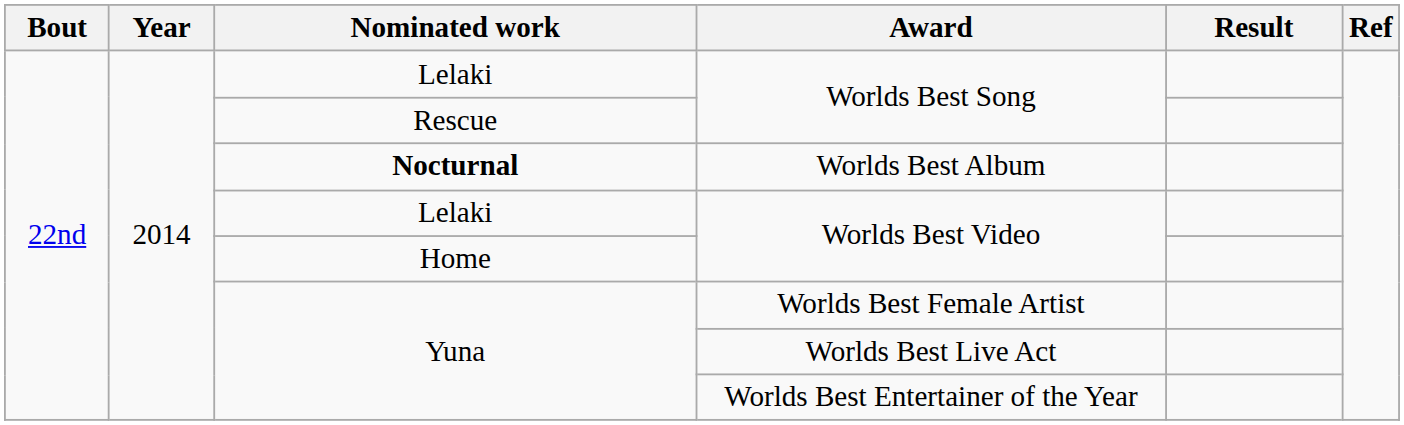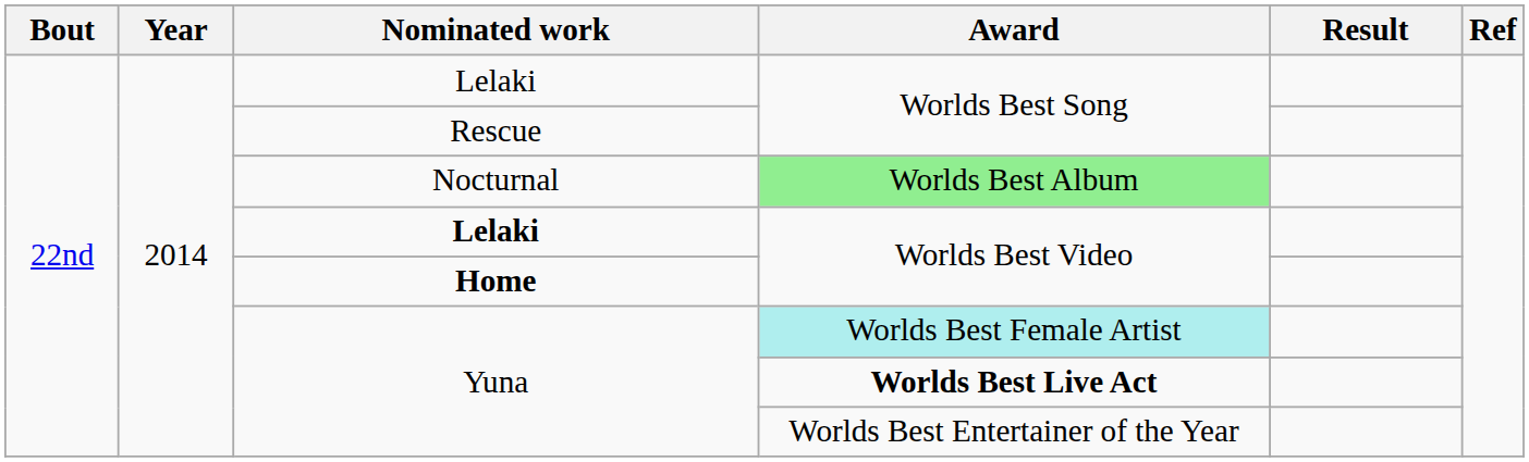 <table class="wikitable">
 <tr>
 <th width="50">Bout</th>
 <th width="50">Year</th>
 <th width="258">Nominated work</th>
 <th width="250">Award</th>
 <th width="90">Result</th>
 <th>Ref</th>
 </tr>
 <tr>
 <td rowspan="8" align="center"><a href='#'>22nd</a></td>
 <td rowspan="8" align="center">2014</td>
 <td align="center">Lelaki</td>
 <td rowspan="2" align="center">Worlds Best Song</td>
 <td></td>
 <td rowspan="8" align="center"></td>
 </tr>
 <tr>
 <td align="center">Rescue</td>
 <td></td>
 </tr>
 <tr>
-<td align="center"><strong>Nocturnal</strong></td>
-<td align="center">Worlds Best Album</td>
+<td align="center">Nocturnal</td>
+<td align="center" style="background: lightgreen;">Worlds Best Album</td>
 <td></td>
 </tr>
 <tr>
-<td align="center">Lelaki</td>
+<td align="center"><strong>Lelaki</strong></td>
 <td rowspan="2" align="center">Worlds Best Video</td>
 <td></td>
 </tr>
 <tr>
-<td align="center">Home</td>
+<td align="center"><strong>Home</strong></td>
 <td></td>
 </tr>
 <tr>
 <td rowspan="3" align="center">Yuna</td>
-<td align="center">Worlds Best Female Artist</td>
+<td align="center" style="background: paleturquoise;">Worlds Best Female Artist</td>
 <td></td>
 </tr>
 <tr>
-<td align="center">Worlds Best Live Act</td>
+<td align="center"><strong>Worlds Best Live Act</strong></td>
 <td></td>
 </tr>
 <tr>
 <td align="center">Worlds Best Entertainer of the Year</td>
 <td></td>
 </tr>
 </table>
